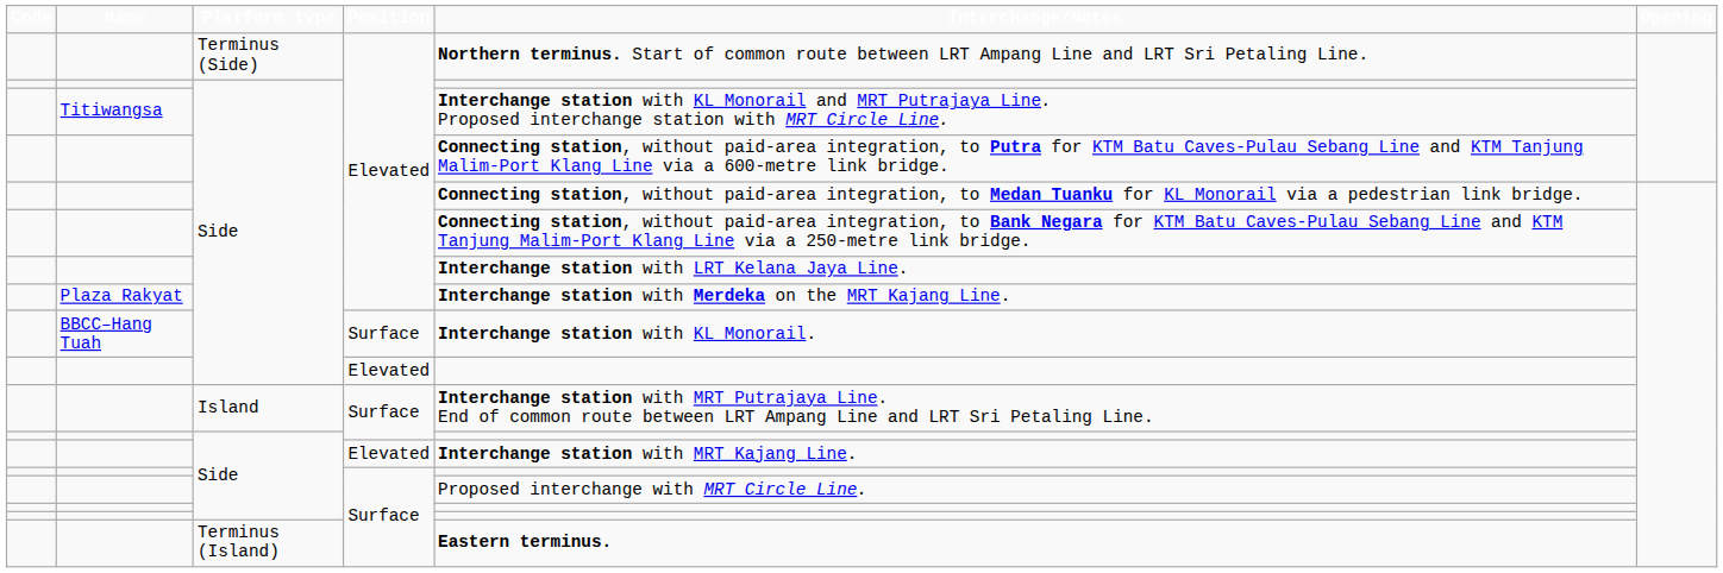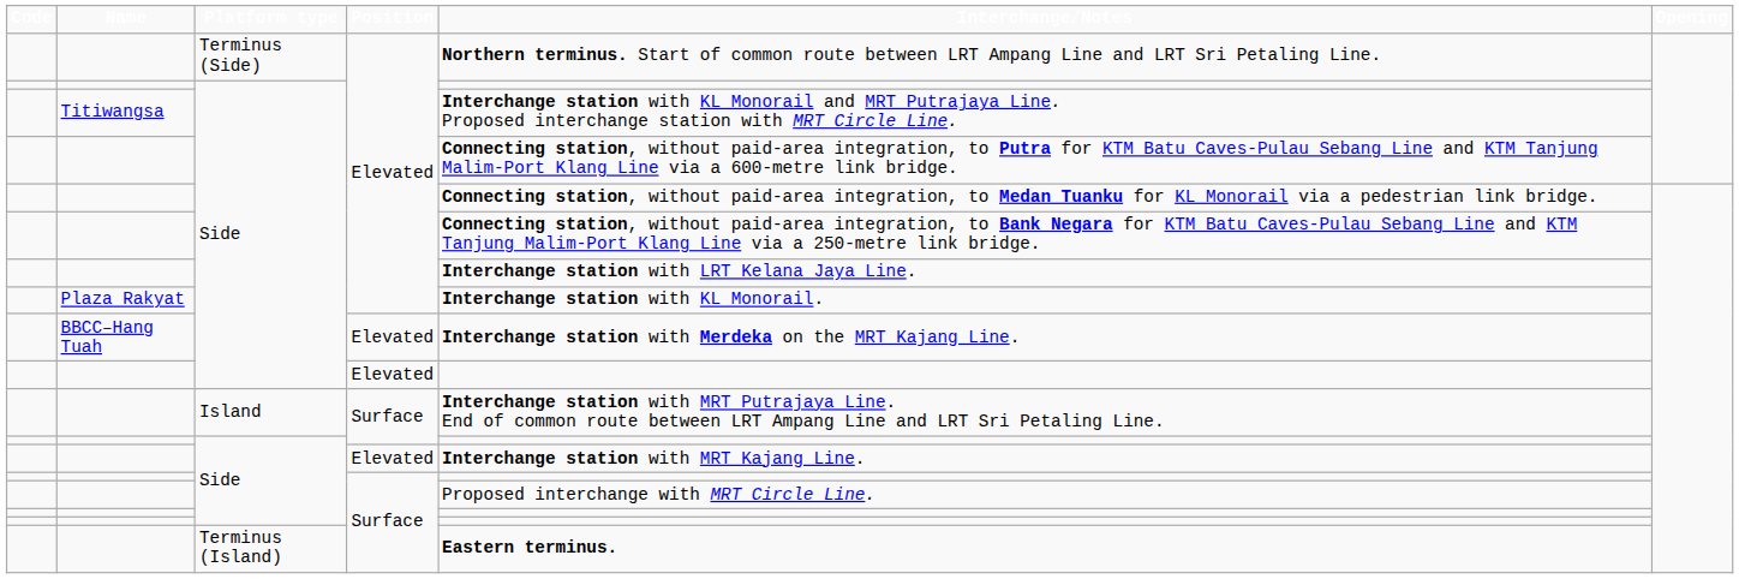 <table style="margin-left:1em; margin-bottom:1em; color:black; font-size:95%;" class="wikitable sortable">
 <tr align="center" style="color:white">
 <td><strong>Code</strong></td>
 <td><strong>Name</strong></td>
 <td><strong>Platform type</strong></td>
 <td><strong>Position</strong></td>
 <td><strong>Interchange/Notes</strong></td>
 <td><strong>Opening</strong></td>
 </tr>
 <tr>
 <td></td>
 <td><strong></strong></td>
 <td>Terminus (Side)</td>
 <td rowspan="8">Elevated</td>
 <td><strong>Northern terminus.</strong> Start of common route between LRT Ampang Line and LRT Sri Petaling Line.</td>
 <td rowspan="4"></td>
 </tr>
 <tr>
 <td></td>
 <td></td>
 <td rowspan="9">Side</td>
 <td></td>
 </tr>
 <tr>
 <td></td>
 <td><a href='#'>Titiwangsa</a></td>
 <td><strong>Interchange station</strong> with  <a href='#'>KL Monorail</a> and <a href='#'>MRT Putrajaya Line</a><em>.</em><br>Proposed interchange station with  <em><a href='#'>MRT Circle Line</a>.</em></td>
 </tr>
 <tr>
 <td></td>
 <td></td>
 <td><strong>Connecting station</strong>, without paid-area integration, to  <strong><a href='#'>Putra</a></strong> for <a href='#'>KTM Batu Caves-Pulau Sebang Line</a> and <a href='#'>KTM Tanjung Malim-Port Klang Line</a> via a 600-metre link bridge.</td>
 </tr>
 <tr>
 <td></td>
 <td></td>
 <td><strong>Connecting station</strong>, without paid-area integration, to  <a href='#'><strong>Medan Tuanku</strong></a> for <a href='#'>KL Monorail</a> via a pedestrian link bridge.</td>
 <td rowspan="14"></td>
 </tr>
 <tr>
 <td></td>
 <td></td>
 <td><strong>Connecting station</strong>, without paid-area integration, to  <strong><a href='#'>Bank Negara</a></strong> for <a href='#'>KTM Batu Caves-Pulau Sebang Line</a> and <a href='#'>KTM Tanjung Malim-Port Klang Line</a> via a 250-metre link bridge.</td>
 </tr>
 <tr>
 <td></td>
 <td></td>
 <td><strong>Interchange station</strong> with  <a href='#'>LRT Kelana Jaya Line</a>.</td>
 </tr>
 <tr>
 <td></td>
 <td><a href='#'>Plaza Rakyat</a></td>
-<td><strong>Interchange station</strong> with  <strong><a href='#'>Merdeka</a></strong> on the <a href='#'>MRT Kajang Line</a>.</td>
+<td><strong>Interchange station</strong> with  <a href='#'>KL Monorail</a>.</td>
 </tr>
 <tr>
 <td></td>
 <td><a href='#'>BBCC–Hang Tuah</a></td>
-<td>Surface</td>
-<td><strong>Interchange station</strong> with  <a href='#'>KL Monorail</a>.</td>
+<td>Elevated</td>
+<td><strong>Interchange station</strong> with  <strong><a href='#'>Merdeka</a></strong> on the <a href='#'>MRT Kajang Line</a>.</td>
 </tr>
 <tr>
 <td></td>
 <td></td>
 <td>Elevated</td>
 <td></td>
 </tr>
 <tr>
 <td></td>
 <td></td>
 <td>Island</td>
 <td rowspan="2">Surface</td>
 <td><strong>Interchange station</strong> with  <a href='#'>MRT Putrajaya Line</a>.<br>End of common route between LRT Ampang Line and LRT Sri Petaling Line.</td>
 </tr>
 <tr>
 <td></td>
 <td></td>
 <td rowspan="6">Side</td>
 <td></td>
 </tr>
 <tr>
 <td></td>
 <td></td>
 <td>Elevated</td>
 <td><strong>Interchange station</strong> with  <a href='#'>MRT Kajang Line</a>.</td>
 </tr>
 <tr>
 <td></td>
 <td></td>
 <td rowspan="5">Surface</td>
 <td></td>
 </tr>
 <tr>
 <td></td>
 <td></td>
 <td>Proposed interchange with  <em><a href='#'>MRT Circle Line</a>.</em></td>
 </tr>
 <tr>
 <td></td>
 <td></td>
 <td></td>
 </tr>
 <tr>
 <td></td>
 <td></td>
 <td></td>
 </tr>
 <tr>
 <td></td>
 <td><strong></strong></td>
 <td Terminal station>Terminus (Island)</td>
 <td><strong>Eastern terminus.</strong></td>
 </tr>
 </table>
